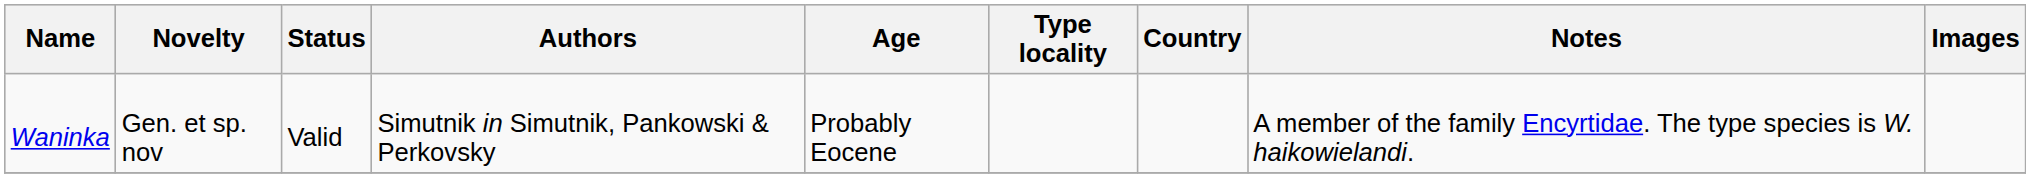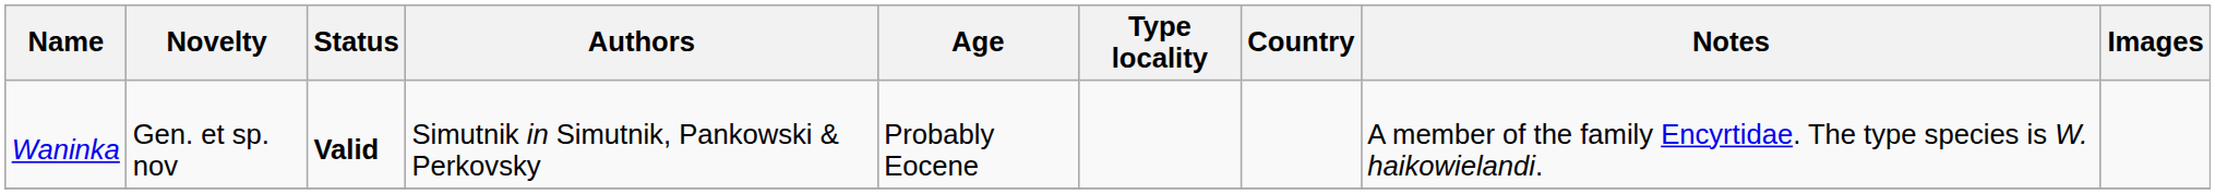 <table class="wikitable sortable" align="center" width="100%">
 <tr>
 <th>Name</th>
 <th>Novelty</th>
 <th>Status</th>
 <th>Authors</th>
 <th>Age</th>
 <th>Type locality</th>
 <th>Country</th>
 <th>Notes</th>
 <th>Images</th>
 </tr>
 <tr>
 <td><br><em><a href='#'>Waninka</a></em></td>
 <td><br>Gen. et sp. nov</td>
-<td><br>Valid</td>
+<td><strong><br>Valid</strong></td>
 <td><br>Simutnik <em>in</em> Simutnik, Pankowski & Perkovsky</td>
 <td><br>Probably Eocene</td>
 <td></td>
 <td><br></td>
 <td><br>A member of the family <a href='#'>Encyrtidae</a>. The type species is <em>W. haikowielandi</em>.</td>
 <td></td>
 </tr>
 <tr>
 </tr>
 </table>
